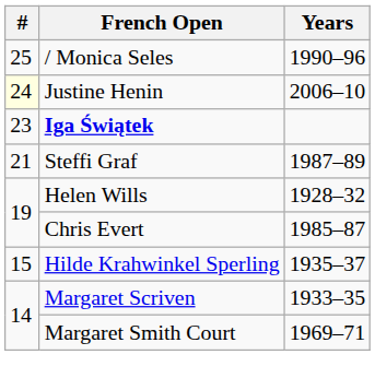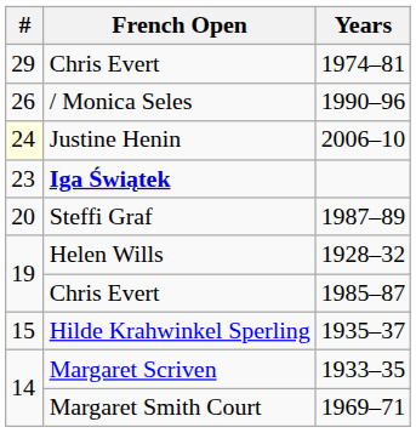 <table class="wikitable" style="display:inline-table;">
 <tr>
 <th style="width:18px;">#</th>
 <th>French Open</th>
 <th>Years</th>
 </tr>
 <tr>
-<td>25</td>
+<td>29</td>
+<td> Chris Evert</td>
+<td>1974–81</td>
+</tr>
+<tr>
+<td>26</td>
 <td>/ Monica Seles</td>
 <td>1990–96</td>
 </tr>
 <tr>
 <td style="background: lightyellow;">24</td>
 <td> Justine Henin</td>
 <td>2006–10</td>
 </tr>
 <tr>
 <td>23</td>
 <td> <strong><a href='#'>Iga Świątek</a></strong></td>
 <td></td>
 </tr>
 <tr>
-<td>21</td>
+<td>20</td>
 <td> Steffi Graf</td>
 <td>1987–89</td>
 </tr>
 <tr>
 <td rowspan=2>19</td>
 <td> Helen Wills</td>
 <td>1928–32</td>
 </tr>
 <tr>
 <td> Chris Evert</td>
 <td>1985–87</td>
 </tr>
 <tr>
 <td>15</td>
 <td> <a href='#'>Hilde Krahwinkel Sperling</a></td>
 <td>1935–37</td>
 </tr>
 <tr>
 <td rowspan="2">14</td>
 <td> <a href='#'>Margaret Scriven</a></td>
 <td>1933–35</td>
 </tr>
 <tr>
 <td> Margaret Smith Court</td>
 <td>1969–71</td>
 </tr>
 </table>
